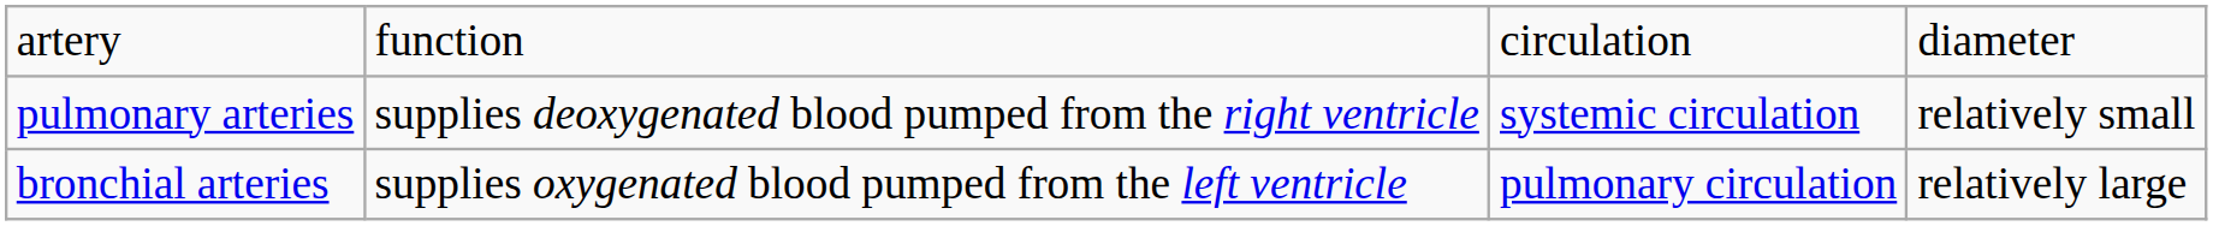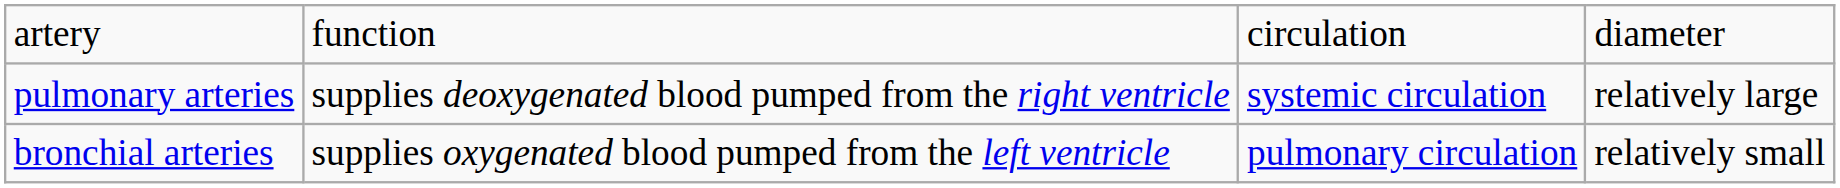 <table class="wikitable">
 <tr>
 <td>artery</td>
 <td>function</td>
 <td>circulation</td>
 <td>diameter</td>
 </tr>
 <tr>
 <td><a href='#'>pulmonary arteries</a></td>
 <td>supplies <em>deoxygenated</em> blood pumped from the <em><a href='#'>right ventricle</a></em></td>
 <td><a href='#'>systemic circulation</a></td>
-<td>relatively small</td>
+<td>relatively large</td>
 </tr>
 <tr>
 <td><a href='#'>bronchial arteries</a></td>
 <td>supplies <em>oxygenated</em> blood pumped from the <em><a href='#'>left ventricle</a></em></td>
 <td><a href='#'>pulmonary circulation</a></td>
-<td>relatively large</td>
+<td>relatively small</td>
 </tr>
 </table>
